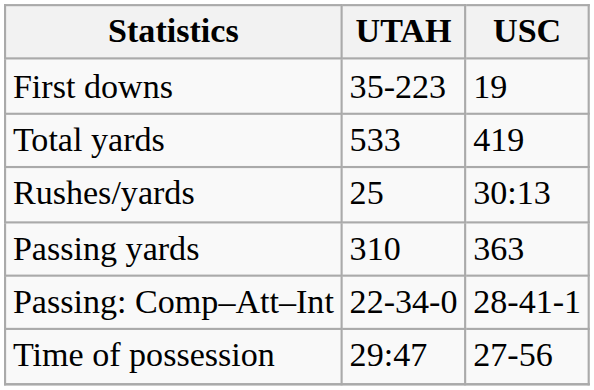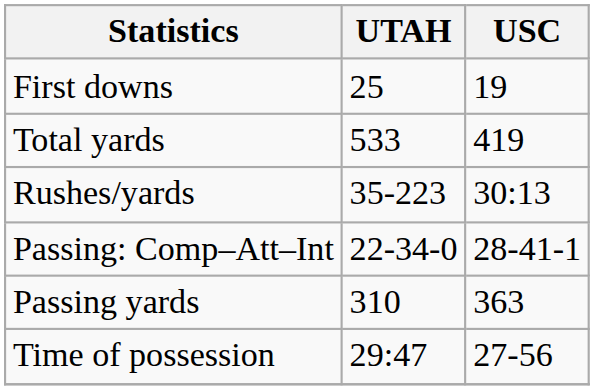 <table class="wikitable" style="float: left;">
 <tr>
 <th>Statistics</th>
 <th>UTAH</th>
 <th>USC</th>
 </tr>
 <tr>
 <td>First downs</td>
-<td>35-223</td>
+<td>25</td>
 <td>19</td>
 </tr>
 <tr>
 <td>Total yards</td>
 <td>533</td>
 <td>419</td>
 </tr>
 <tr>
 <td>Rushes/yards</td>
-<td>25</td>
+<td>35-223</td>
 <td>30:13</td>
+</tr>
+<tr>
+<td>Passing: Comp–Att–Int</td>
+<td>22-34-0</td>
+<td>28-41-1</td>
 </tr>
 <tr>
 <td>Passing yards</td>
 <td>310</td>
 <td>363</td>
-</tr>
-<tr>
-<td>Passing: Comp–Att–Int</td>
-<td>22-34-0</td>
-<td>28-41-1</td>
 </tr>
 <tr>
 <td>Time of possession</td>
 <td>29:47</td>
 <td>27-56</td>
 </tr>
 <tr>
 </tr>
 </table>
